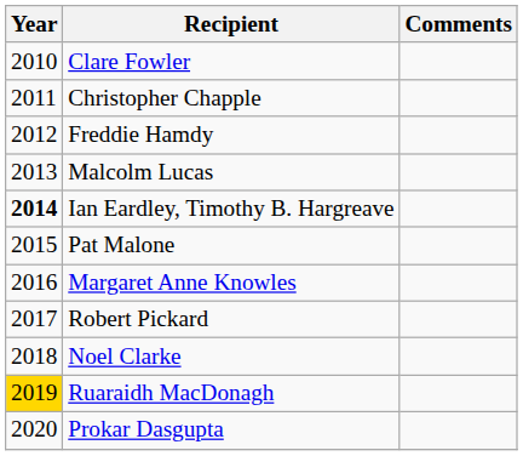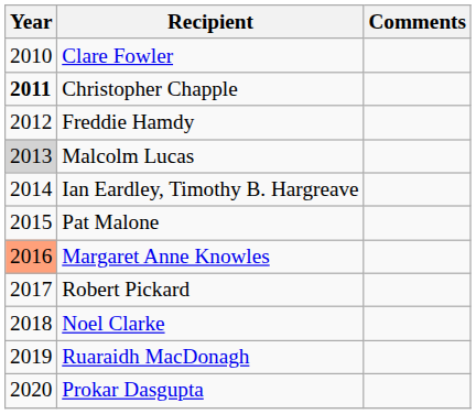 <table class="wikitable">
 <tr>
 <th>Year</th>
 <th>Recipient</th>
 <th>Comments</th>
 </tr>
 <tr>
 <td>2010</td>
 <td><a href='#'>Clare Fowler</a></td>
 <td></td>
 </tr>
 <tr>
-<td>2011</td>
+<td><strong>2011</strong></td>
 <td>Christopher Chapple</td>
 <td></td>
 </tr>
 <tr>
 <td>2012</td>
 <td>Freddie Hamdy</td>
 <td></td>
 </tr>
 <tr>
-<td>2013</td>
+<td style="background: lightgrey;">2013</td>
 <td>Malcolm Lucas</td>
 <td></td>
 </tr>
 <tr>
-<td><strong>2014</strong></td>
+<td>2014</td>
 <td>Ian Eardley, Timothy B. Hargreave</td>
 <td></td>
 </tr>
 <tr>
 <td>2015</td>
 <td>Pat Malone</td>
 <td></td>
 </tr>
 <tr>
-<td>2016</td>
+<td style="background: lightsalmon;">2016</td>
 <td><a href='#'>Margaret Anne Knowles</a></td>
 <td></td>
 </tr>
 <tr>
 <td>2017</td>
 <td>Robert Pickard</td>
 <td></td>
 </tr>
 <tr>
 <td>2018</td>
 <td><a href='#'>Noel Clarke</a></td>
 <td></td>
 </tr>
 <tr>
-<td style="background: gold;">2019</td>
+<td>2019</td>
 <td><a href='#'>Ruaraidh MacDonagh</a></td>
 <td></td>
 </tr>
 <tr>
 <td>2020</td>
 <td><a href='#'>Prokar Dasgupta</a></td>
 <td></td>
 </tr>
 <tr>
 </tr>
 </table>
